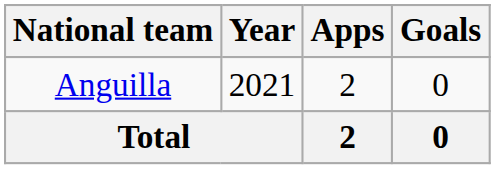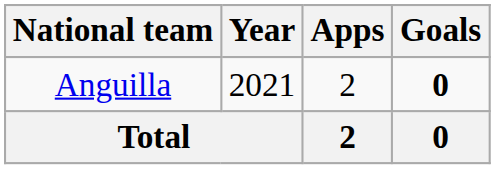 <table class="wikitable" style="text-align:center">
 <tr>
 <th>National team</th>
 <th>Year</th>
 <th>Apps</th>
 <th>Goals</th>
 </tr>
 <tr>
 <td rowspan=1><a href='#'>Anguilla</a></td>
 <td>2021</td>
 <td>2</td>
-<td>0</td>
+<td><strong>0</strong></td>
 </tr>
 <tr>
 <th colspan=2>Total</th>
 <th>2</th>
 <th>0</th>
 </tr>
 </table>
